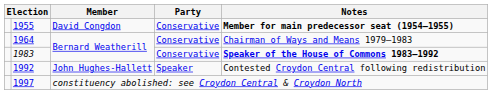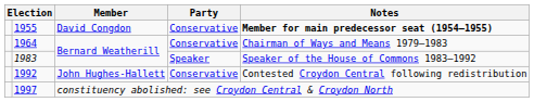 <table class="wikitable">
 <tr>
 <th colspan="2">Election</th>
 <th>Member</th>
 <th>Party</th>
 <th>Notes</th>
 </tr>
 <tr>
 <td style="color:inherit;background-color: "></td>
 <td><a href='#'>1955</a></td>
 <td><a href='#'>David Congdon</a></td>
 <td><a href='#'>Conservative</a></td>
 <td><strong>Member for main predecessor seat (1954–1955)</strong></td>
 </tr>
 <tr>
 <td style="color:inherit;background-color: "></td>
 <td><a href='#'>1964</a></td>
 <td rowspan="2"><a href='#'>Bernard Weatherill</a></td>
 <td><a href='#'>Conservative</a></td>
 <td><a href='#'>Chairman of Ways and Means</a> 1979–1983</td>
 </tr>
 <tr>
 <td style="color:inherit;background-color: "></td>
 <td><em>1983</em></td>
-<td><a href='#'>Conservative</a></td>
-<td><strong><a href='#'>Speaker of the House of Commons</a> 1983–1992</strong></td>
+<td><a href='#'>Speaker</a></td>
+<td><a href='#'>Speaker of the House of Commons</a> 1983–1992</td>
 </tr>
 <tr>
 <td style="color:inherit;background-color: "></td>
 <td><a href='#'>1992</a></td>
 <td><a href='#'>John Hughes-Hallett</a></td>
-<td><a href='#'>Speaker</a></td>
+<td><a href='#'>Conservative</a></td>
 <td>Contested <a href='#'>Croydon Central</a> following redistribution</td>
 </tr>
 <tr>
 <td></td>
 <td><a href='#'>1997</a></td>
 <td colspan="3"><em>constituency abolished: see <a href='#'>Croydon Central</a> & <a href='#'>Croydon North</a></em></td>
 </tr>
 </table>
